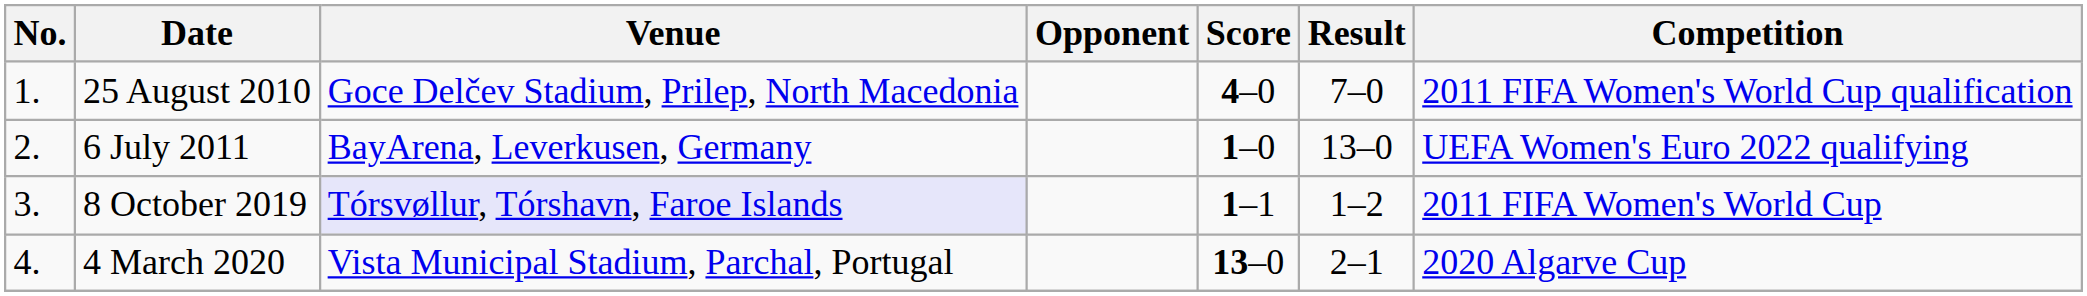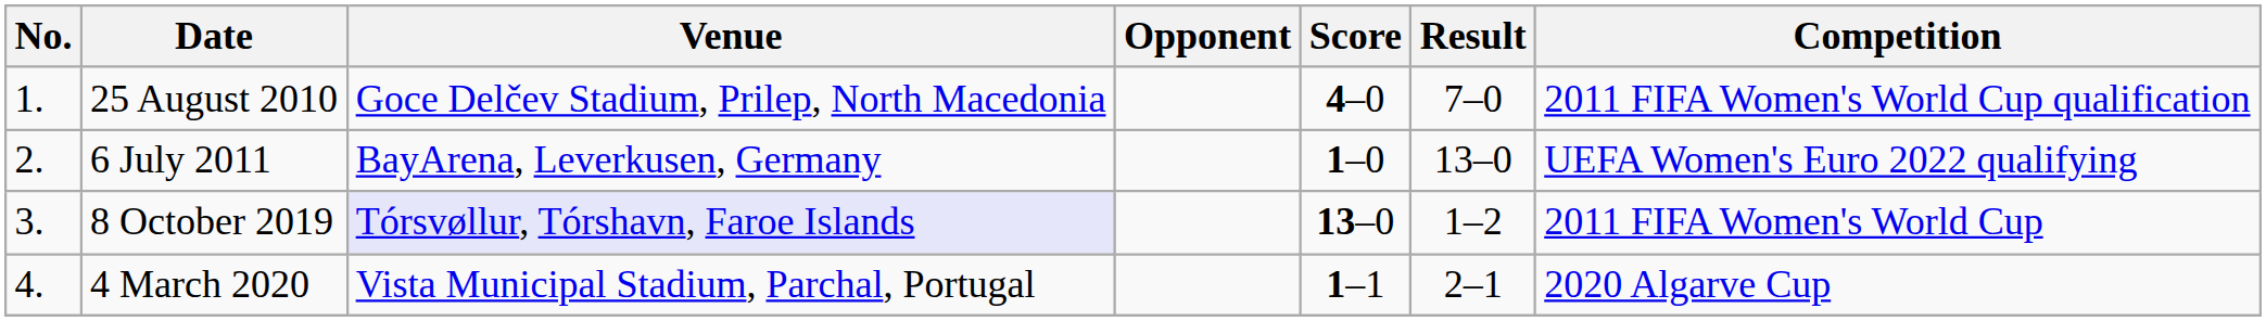 <table class="wikitable">
 <tr>
 <th>No.</th>
 <th>Date</th>
 <th>Venue</th>
 <th>Opponent</th>
 <th>Score</th>
 <th>Result</th>
 <th>Competition</th>
 </tr>
 <tr>
 <td>1.</td>
 <td>25 August 2010</td>
 <td><a href='#'>Goce Delčev Stadium</a>, <a href='#'>Prilep</a>, <a href='#'>North Macedonia</a></td>
 <td></td>
 <td align=center><strong>4</strong>–0</td>
 <td align=center>7–0</td>
 <td><a href='#'>2011 FIFA Women's World Cup qualification</a></td>
 </tr>
 <tr>
 <td>2.</td>
 <td>6 July 2011</td>
 <td><a href='#'>BayArena</a>, <a href='#'>Leverkusen</a>, <a href='#'>Germany</a></td>
 <td></td>
 <td align=center><strong>1</strong>–0</td>
 <td align=center>13–0</td>
 <td><a href='#'>UEFA Women's Euro 2022 qualifying</a></td>
 </tr>
 <tr>
 <td>3.</td>
 <td>8 October 2019</td>
 <td style="background: lavender;"><a href='#'>Tórsvøllur</a>, <a href='#'>Tórshavn</a>, <a href='#'>Faroe Islands</a></td>
 <td></td>
-<td align=center><strong>1</strong>–1</td>
+<td align=center><strong>13</strong>–0</td>
 <td align=center>1–2</td>
 <td><a href='#'>2011 FIFA Women's World Cup</a></td>
 </tr>
 <tr>
 <td>4.</td>
 <td>4 March 2020</td>
 <td><a href='#'>Vista Municipal Stadium</a>, <a href='#'>Parchal</a>, Portugal</td>
 <td></td>
-<td align=center><strong>13</strong>–0</td>
+<td align=center><strong>1</strong>–1</td>
 <td align=center>2–1</td>
 <td><a href='#'>2020 Algarve Cup</a></td>
 </tr>
 <tr>
 </tr>
 </table>
